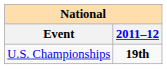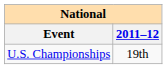 <table class="wikitable" style="text-align:center">
 <tr>
 <th style="background-color: #ffdead; " colspan=4 align=center>National</th>
 </tr>
 <tr>
 <th>Event</th>
 <th><a href='#'>2011–12</a></th>
 </tr>
 <tr>
 <td align=left><a href='#'>U.S. Championships</a></td>
-<td><strong>19th</strong></td>
+<td>19th</td>
 </tr>
 </table>
